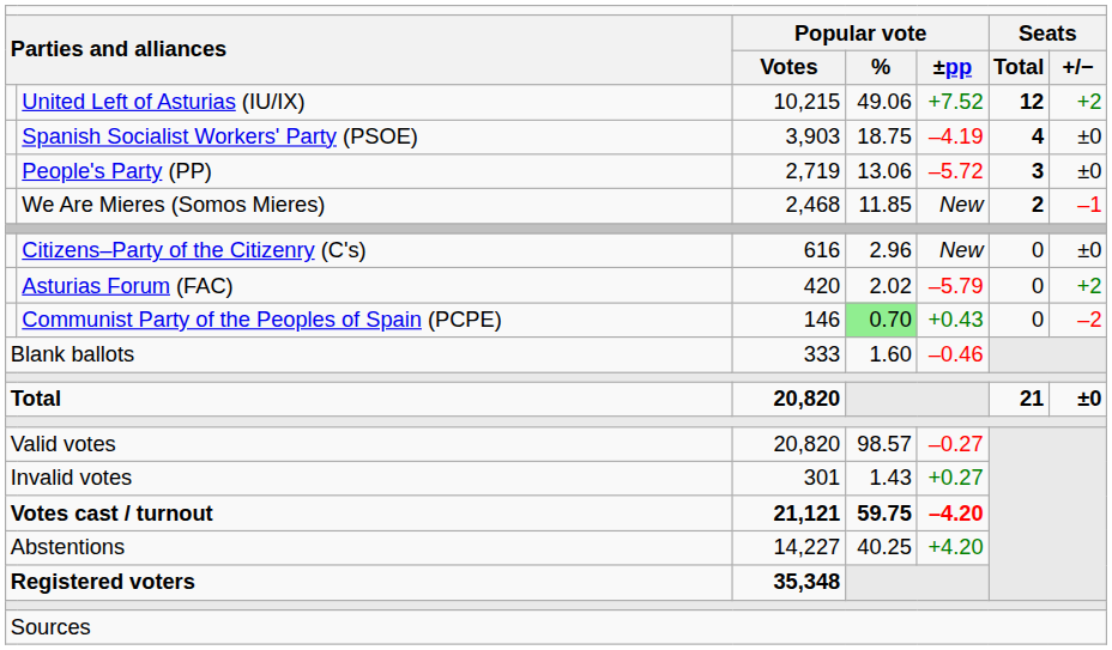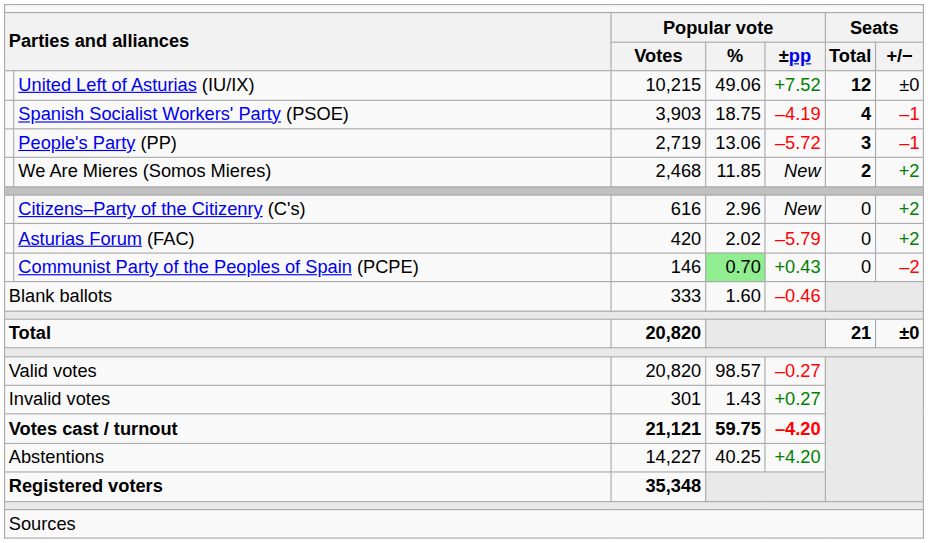 <table class="wikitable" style="text-align:right;">
 <tr>
 <td colspan="7"></td>
 </tr>
 <tr>
 <th style="text-align:left;" rowspan="2" colspan="2" width="525">Parties and alliances</th>
 <th colspan="3">Popular vote</th>
 <th colspan="2">Seats</th>
 </tr>
 <tr>
 <th width="75">Votes</th>
 <th width="45">%</th>
 <th width="45">±<a href='#'>pp</a></th>
 <th width="35">Total</th>
 <th width="35">+/−</th>
 </tr>
 <tr>
 <td width="1" style="color:inherit;background:"></td>
 <td align="left"><a href='#'>United Left of Asturias</a> (IU/IX)</td>
 <td>10,215</td>
 <td>49.06</td>
 <td style="color:green;">+7.52</td>
 <td><strong>12</strong></td>
-<td style="color:green;">+2</td>
+<td>±0</td>
 </tr>
 <tr>
 <td style="color:inherit;background:"></td>
 <td align="left"><a href='#'>Spanish Socialist Workers' Party</a> (PSOE)</td>
 <td>3,903</td>
 <td>18.75</td>
 <td style="color:red;">–4.19</td>
 <td><strong>4</strong></td>
-<td>±0</td>
+<td style="color:red;">–1</td>
 </tr>
 <tr>
 <td style="color:inherit;background:"></td>
 <td align="left"><a href='#'>People's Party</a> (PP)</td>
 <td>2,719</td>
 <td>13.06</td>
 <td style="color:red;">–5.72</td>
 <td><strong>3</strong></td>
-<td>±0</td>
+<td style="color:red;">–1</td>
 </tr>
 <tr>
 <td style="color:inherit;background:"></td>
 <td align="left">We Are Mieres (Somos Mieres)</td>
 <td>2,468</td>
 <td>11.85</td>
 <td><em>New</em></td>
 <td><strong>2</strong></td>
-<td style="color:red;">–1</td>
+<td style="color:green;">+2</td>
 </tr>
 <tr>
 <td colspan="7" bgcolor="#C0C0C0"></td>
 </tr>
 <tr>
 <td style="color:inherit;background:"></td>
 <td align="left"><a href='#'>Citizens–Party of the Citizenry</a> (C's)</td>
 <td>616</td>
 <td>2.96</td>
 <td><em>New</em></td>
 <td>0</td>
-<td>±0</td>
+<td style="color:green;">+2</td>
 </tr>
 <tr>
 <td style="color:inherit;background:"></td>
 <td align="left"><a href='#'>Asturias Forum</a> (FAC)</td>
 <td>420</td>
 <td>2.02</td>
 <td style="color:red;">–5.79</td>
 <td>0</td>
 <td style="color:green;">+2</td>
 </tr>
 <tr>
 <td style="color:inherit;background:"></td>
 <td align="left"><a href='#'>Communist Party of the Peoples of Spain</a> (PCPE)</td>
 <td>146</td>
 <td style="background: lightgreen;">0.70</td>
 <td style="color:green;">+0.43</td>
 <td>0</td>
 <td style="color:red;">–2</td>
 </tr>
 <tr>
 <td align="left" colspan="2">Blank ballots</td>
 <td>333</td>
 <td>1.60</td>
 <td style="color:red;">–0.46</td>
 <td bgcolor="#E9E9E9" colspan="2"></td>
 </tr>
 <tr>
 <td colspan="7" bgcolor="#E9E9E9"></td>
 </tr>
 <tr style="font-weight:bold;">
 <td align="left" colspan="2">Total</td>
 <td>20,820</td>
 <td bgcolor="#E9E9E9" colspan="2"></td>
 <td>21</td>
 <td>±0</td>
 </tr>
 <tr>
 <td colspan="7" bgcolor="#E9E9E9"></td>
 </tr>
 <tr>
 <td align="left" colspan="2">Valid votes</td>
 <td>20,820</td>
 <td>98.57</td>
 <td style="color:red;">–0.27</td>
 <td bgcolor="#E9E9E9" colspan="2" rowspan="5"></td>
 </tr>
 <tr>
 <td align="left" colspan="2">Invalid votes</td>
 <td>301</td>
 <td>1.43</td>
 <td style="color:green;">+0.27</td>
 </tr>
 <tr style="font-weight:bold;">
 <td align="left" colspan="2">Votes cast / turnout</td>
 <td>21,121</td>
 <td>59.75</td>
 <td style="color:red;">–4.20</td>
 </tr>
 <tr>
 <td align="left" colspan="2">Abstentions</td>
 <td>14,227</td>
 <td>40.25</td>
 <td style="color:green;">+4.20</td>
 </tr>
 <tr style="font-weight:bold;">
 <td align="left" colspan="2">Registered voters</td>
 <td>35,348</td>
 <td bgcolor="#E9E9E9" colspan="2"></td>
 </tr>
 <tr>
 <td colspan="7" bgcolor="#E9E9E9"></td>
 </tr>
 <tr>
 <td align="left" colspan="7">Sources</td>
 </tr>
 </table>
